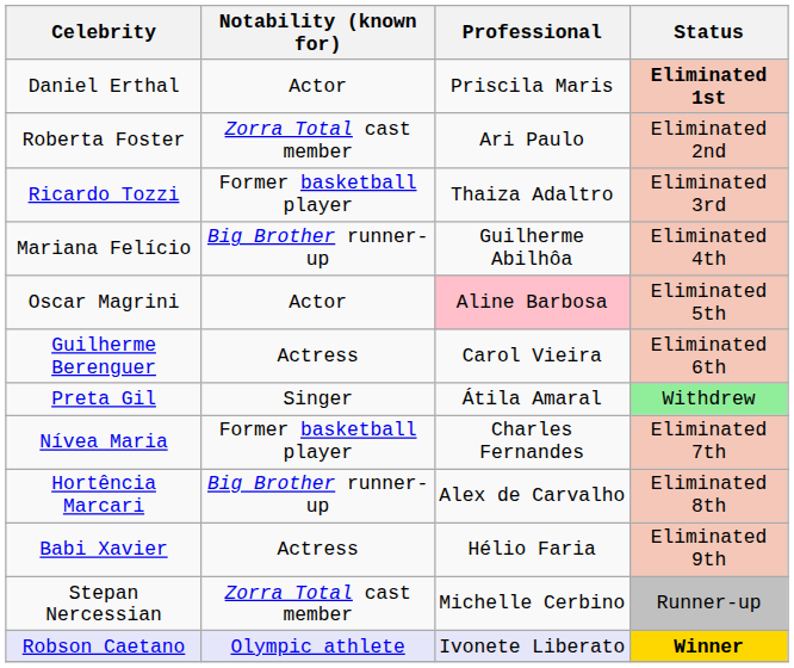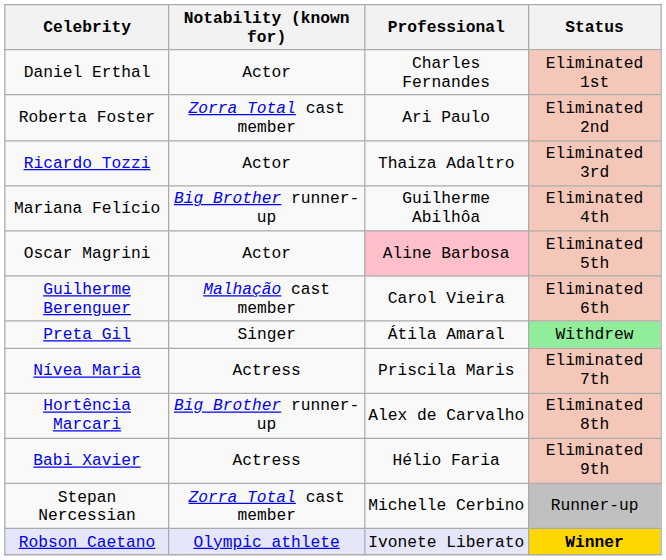 <table class= "wikitable sortable" style="text-align: center; margin:1em auto; align: center">
 <tr>
 <th width=125>Celebrity</th>
 <th width=150>Notability (known for)</th>
 <th width=125>Professional</th>
 <th width=100>Status</th>
 </tr>
 <tr>
 <td>Daniel Erthal</td>
 <td>Actor</td>
-<td>Priscila Maris</td>
-<td bgcolor="F4C7B8"><strong>Eliminated 1st<br></strong></td>
+<td>Charles Fernandes</td>
+<td bgcolor="F4C7B8">Eliminated 1st<br></td>
 </tr>
 <tr>
 <td>Roberta Foster</td>
 <td><em><a href='#'>Zorra Total</a></em> cast member</td>
 <td>Ari Paulo</td>
 <td bgcolor="F4C7B8">Eliminated 2nd<br></td>
 </tr>
 <tr>
 <td><a href='#'>Ricardo Tozzi</a></td>
-<td>Former <a href='#'>basketball</a> player</td>
+<td>Actor</td>
 <td>Thaiza Adaltro</td>
 <td bgcolor="F4C7B8">Eliminated 3rd<br></td>
 </tr>
 <tr>
 <td>Mariana Felício</td>
 <td><em><a href='#'>Big Brother</a></em> runner-up</td>
 <td>Guilherme Abilhôa</td>
 <td bgcolor="F4C7B8">Eliminated 4th<br></td>
 </tr>
 <tr>
 <td>Oscar Magrini</td>
 <td>Actor</td>
 <td style="background: pink;">Aline Barbosa</td>
 <td bgcolor="F4C7B8">Eliminated 5th<br></td>
 </tr>
 <tr>
 <td><a href='#'>Guilherme Berenguer</a></td>
-<td>Actress</td>
+<td><em><a href='#'>Malhação</a></em> cast member</td>
 <td>Carol Vieira</td>
 <td bgcolor="F4C7B8">Eliminated 6th<br></td>
 </tr>
 <tr>
 <td><a href='#'>Preta Gil</a></td>
 <td>Singer</td>
 <td>Átila Amaral</td>
 <td bgcolor="90EE9B">Withdrew<br></td>
 </tr>
 <tr>
 <td><a href='#'>Nívea Maria</a></td>
-<td>Former <a href='#'>basketball</a> player</td>
-<td>Charles Fernandes</td>
+<td>Actress</td>
+<td>Priscila Maris</td>
 <td bgcolor="F4C7B8">Eliminated 7th<br></td>
 </tr>
 <tr>
 <td><a href='#'>Hortência Marcari</a></td>
 <td><em><a href='#'>Big Brother</a></em> runner-up</td>
 <td>Alex de Carvalho</td>
 <td bgcolor="F4C7B8">Eliminated 8th<br></td>
 </tr>
 <tr>
 <td><a href='#'>Babi Xavier</a></td>
 <td>Actress</td>
 <td>Hélio Faria</td>
 <td bgcolor="F4C7B8">Eliminated 9th<br></td>
 </tr>
 <tr>
 <td>Stepan Nercessian</td>
 <td><em><a href='#'>Zorra Total</a></em> cast member</td>
 <td>Michelle Cerbino</td>
 <td bgcolor="C0C0C0">Runner-up<br></td>
 </tr>
 <tr>
 <td bgcolor="E6E6FA"><a href='#'>Robson Caetano</a></td>
 <td bgcolor="E6E6FA"><a href='#'>Olympic athlete</a></td>
 <td bgcolor="E6E6FA">Ivonete Liberato</td>
 <td bgcolor="FFD700"><strong>Winner</strong><br></td>
 </tr>
 <tr>
 </tr>
 </table>
